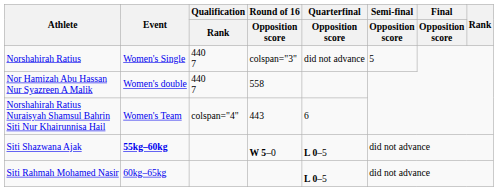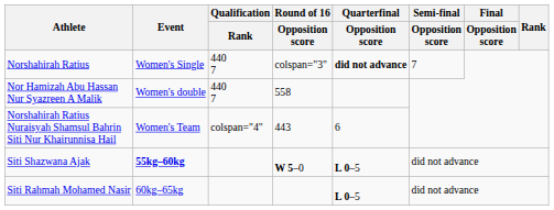 <table class="wikitable">
 <tr>
 <th rowspan="2">Athlete</th>
 <th rowspan="2">Event</th>
 <th>Qualification</th>
 <th>Round of 16</th>
 <th>Quarterfinal</th>
 <th>Semi-final</th>
 <th>Final</th>
 <th rowspan="2">Rank</th>
 </tr>
 <tr>
 <th>Rank</th>
 <th>Opposition<br> score</th>
 <th>Opposition<br> score</th>
 <th>Opposition<br> score</th>
 <th>Opposition<br> score</th>
 </tr>
 <tr>
 <td><a href='#'>Norshahirah Ratius</a></td>
 <td><a href='#'>Women's Single</a></td>
 <td>440 <br> 7</td>
 <td>colspan="3" </td>
-<td colspan="1">did not advance</td>
-<td>5</td>
+<td colspan="1"><strong>did not advance</strong></td>
+<td>7</td>
 </tr>
 <tr>
 <td><a href='#'>Nor Hamizah Abu Hassan</a><br><a href='#'>Nur Syazreen A Malik</a></td>
 <td><a href='#'>Women's double</a></td>
 <td>440 <br> 7</td>
 <td>558</td>
 <td></td>
 </tr>
 <tr>
 <td><a href='#'>Norshahirah Ratius</a><br><a href='#'>Nuraisyah Shamsul Bahrin</a><br><a href='#'>Siti Nur Khairunnisa Hail</a></td>
 <td><a href='#'>Women's Team</a></td>
 <td>colspan="4" </td>
 <td>443</td>
 <td>6</td>
 </tr>
 <tr>
 <td><a href='#'>Siti Shazwana Ajak</a></td>
 <td><strong><a href='#'>55kg–60kg</a></strong></td>
 <td></td>
 <td><br><strong>W 5</strong>–0</td>
 <td><br><strong>L 0</strong>–5</td>
 <td colspan="3">did not advance</td>
 </tr>
 <tr>
 <td><a href='#'>Siti Rahmah Mohamed Nasir</a></td>
 <td><a href='#'>60kg–65kg</a></td>
 <td></td>
 <td></td>
 <td><br><strong>L 0</strong>–5</td>
 <td colspan="3">did not advance</td>
 </tr>
 </table>
